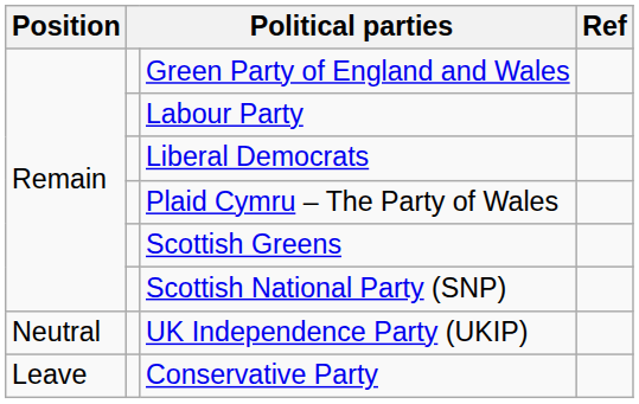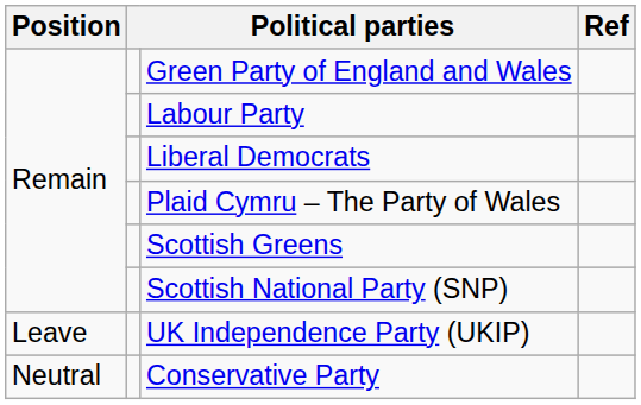 <table class="wikitable">
 <tr>
 <th>Position</th>
 <th colspan=2>Political parties</th>
 <th>Ref</th>
 </tr>
 <tr>
 <td rowspan="6">Remain</td>
 <td style="background-color: "></td>
 <td><a href='#'>Green Party of England and Wales</a></td>
 <td></td>
 </tr>
 <tr>
 <td style="background-color: "></td>
 <td><a href='#'>Labour Party</a></td>
 <td></td>
 </tr>
 <tr>
 <td style="background-color: "></td>
 <td><a href='#'>Liberal Democrats</a></td>
 <td></td>
 </tr>
 <tr>
 <td style="background-color: "></td>
 <td><a href='#'>Plaid Cymru</a> – The Party of Wales</td>
 <td></td>
 </tr>
 <tr>
 <td style="background-color: "></td>
 <td><a href='#'>Scottish Greens</a></td>
 <td></td>
 </tr>
 <tr>
 <td style="background-color: "></td>
 <td><a href='#'>Scottish National Party</a> (SNP)</td>
 <td></td>
 </tr>
 <tr>
-<td>Neutral</td>
+<td>Leave</td>
 <td style="background-color: "></td>
 <td><a href='#'>UK Independence Party</a> (UKIP)</td>
 <td></td>
 </tr>
 <tr>
-<td>Leave</td>
+<td>Neutral</td>
 <td style="background-color: "></td>
 <td><a href='#'>Conservative Party</a></td>
 <td></td>
 </tr>
 </table>
